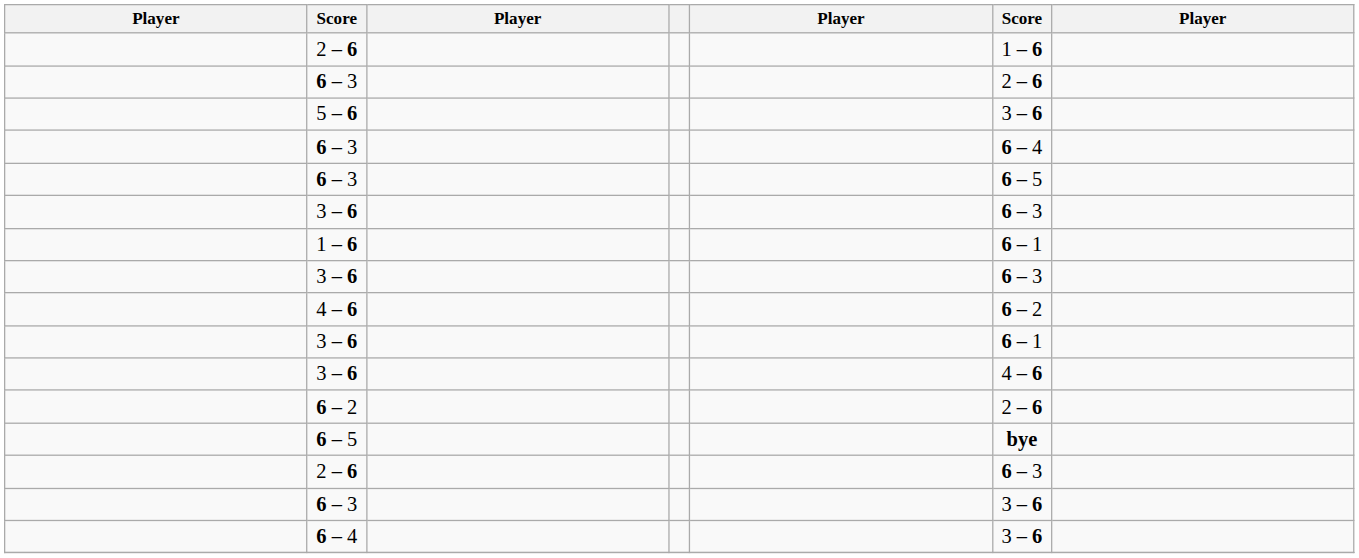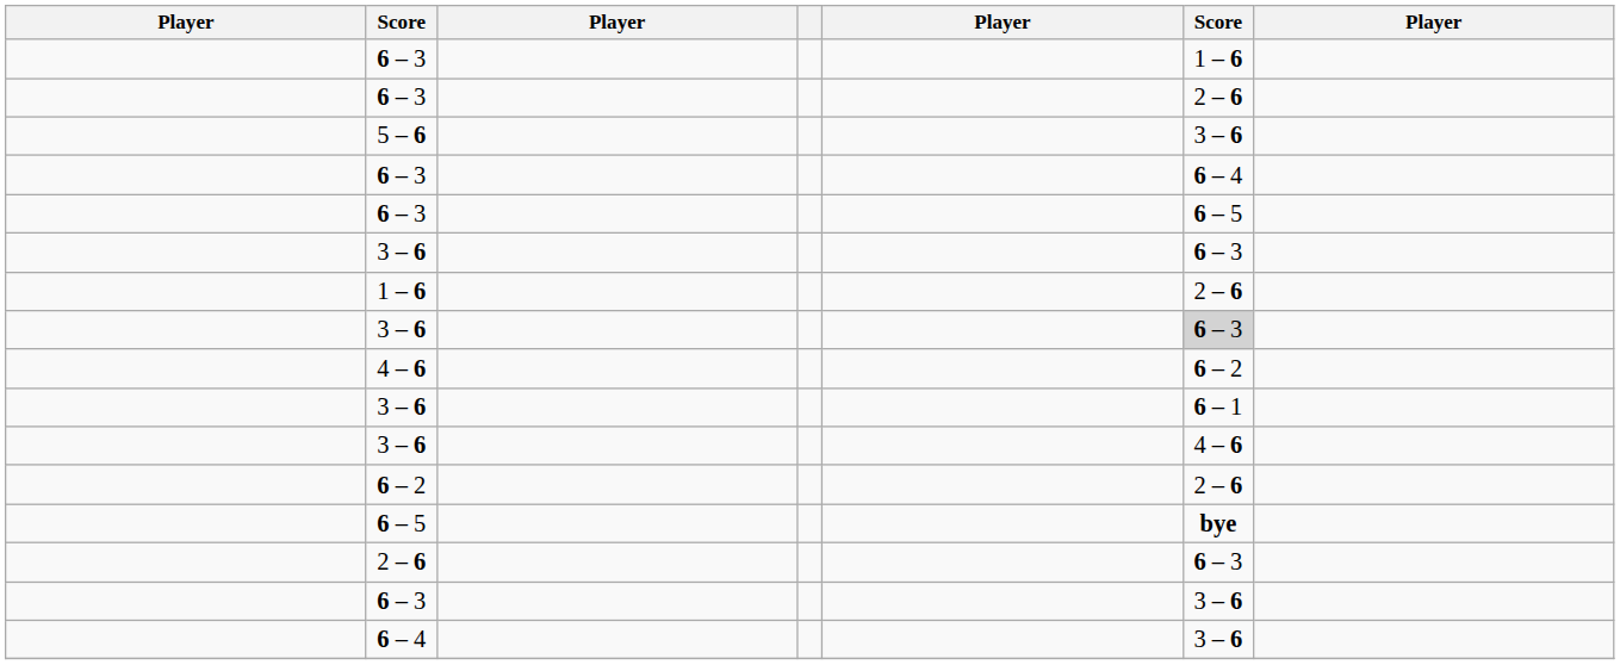 <table class="wikitable">
 <tr style="font-size:10pt;font-weight:bold">
 <th width=230>Player</th>
 <th width=40>Score</th>
 <th width=230>Player</th>
 <th width=10></th>
 <th width=230>Player</th>
 <th width=40>Score</th>
 <th width=230>Player</th>
 </tr>
 <tr>
 <td></td>
-<td align=center>2 – <strong>6</strong></td>
+<td align=center><strong>6</strong> – 3</td>
 <td></td>
 <td></td>
 <td></td>
 <td align=center>1 – <strong>6</strong></td>
 <td></td>
 </tr>
 <tr>
 <td></td>
 <td align=center><strong>6</strong> – 3</td>
 <td></td>
 <td></td>
 <td></td>
 <td align=center>2 – <strong>6</strong></td>
 <td></td>
 </tr>
 <tr>
 <td></td>
 <td align=center>5 – <strong>6</strong></td>
 <td></td>
 <td></td>
 <td></td>
 <td align=center>3 – <strong>6</strong></td>
 <td></td>
 </tr>
 <tr>
 <td></td>
 <td align=center><strong>6</strong> – 3</td>
 <td></td>
 <td></td>
 <td></td>
 <td align=center><strong>6</strong> – 4</td>
 <td></td>
 </tr>
 <tr>
 <td></td>
 <td align=center><strong>6</strong> – 3</td>
 <td></td>
 <td></td>
 <td></td>
 <td align=center><strong>6</strong> – 5</td>
 <td></td>
 </tr>
 <tr>
 <td></td>
 <td align=center>3 – <strong>6</strong></td>
 <td></td>
 <td></td>
 <td></td>
 <td align=center><strong>6</strong> – 3</td>
 <td></td>
 </tr>
 <tr>
 <td></td>
 <td align=center>1 – <strong>6</strong></td>
 <td></td>
 <td></td>
 <td></td>
-<td align=center><strong>6</strong> – 1</td>
+<td align=center>2 – <strong>6</strong></td>
 <td></td>
 </tr>
 <tr>
 <td></td>
 <td align=center>3 – <strong>6</strong></td>
 <td></td>
 <td></td>
 <td></td>
-<td align=center><strong>6</strong> – 3</td>
+<td align=center style="background: lightgrey;"><strong>6</strong> – 3</td>
 <td></td>
 </tr>
 <tr>
 <td></td>
 <td align=center>4 – <strong>6</strong></td>
 <td></td>
 <td></td>
 <td></td>
 <td align=center><strong>6</strong> – 2</td>
 <td></td>
 </tr>
 <tr>
 <td></td>
 <td align=center>3 – <strong>6</strong></td>
 <td></td>
 <td></td>
 <td></td>
 <td align=center><strong>6</strong> – 1</td>
 <td></td>
 </tr>
 <tr>
 <td></td>
 <td align=center>3 – <strong>6</strong></td>
 <td></td>
 <td></td>
 <td></td>
 <td align=center>4 – <strong>6</strong></td>
 <td></td>
 </tr>
 <tr>
 <td></td>
 <td align=center><strong>6</strong> – 2</td>
 <td></td>
 <td></td>
 <td></td>
 <td align=center>2 – <strong>6</strong></td>
 <td></td>
 </tr>
 <tr>
 <td></td>
 <td align=center><strong>6</strong> – 5</td>
 <td></td>
 <td></td>
 <td></td>
 <td align=center><strong>bye</strong></td>
 <td></td>
 </tr>
 <tr>
 <td></td>
 <td align=center>2 – <strong>6</strong></td>
 <td></td>
 <td></td>
 <td></td>
 <td align=center><strong>6</strong> – 3</td>
 <td></td>
 </tr>
 <tr>
 <td></td>
 <td align=center><strong>6</strong> – 3</td>
 <td></td>
 <td></td>
 <td></td>
 <td align=center>3 – <strong>6</strong></td>
 <td></td>
 </tr>
 <tr>
 <td></td>
 <td align=center><strong>6</strong> – 4</td>
 <td></td>
 <td></td>
 <td></td>
 <td align=center>3 – <strong>6</strong></td>
 <td><s></s></td>
 </tr>
 <tr>
 </tr>
 </table>
